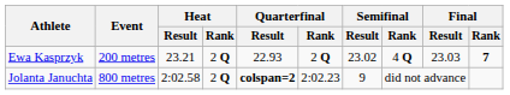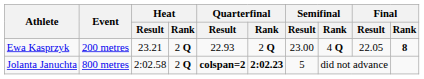 <table class="wikitable" style="font-size:90%">
 <tr>
 <th rowspan="2">Athlete</th>
 <th rowspan="2">Event</th>
 <th colspan="2">Heat</th>
 <th colspan="2">Quarterfinal</th>
 <th colspan="2">Semifinal</th>
 <th colspan="2">Final</th>
 </tr>
 <tr style="font-size:95%">
 <th>Result</th>
 <th>Rank</th>
 <th>Result</th>
 <th>Rank</th>
 <th>Result</th>
 <th>Rank</th>
 <th>Result</th>
 <th>Rank</th>
 </tr>
 <tr style=text-align:center>
 <td style=text-align:left><a href='#'>Ewa Kasprzyk</a></td>
 <td style=text-align:left><a href='#'>200 metres</a></td>
 <td>23.21</td>
 <td>2 <strong>Q</strong></td>
 <td>22.93</td>
 <td>2 <strong>Q</strong></td>
-<td>23.02</td>
+<td>23.00</td>
 <td>4 <strong>Q</strong></td>
-<td>23.03</td>
-<td><strong>7</strong></td>
+<td>22.05</td>
+<td><strong>8</strong></td>
 </tr>
 <tr style=text-align:center>
 <td style=text-align:left><a href='#'>Jolanta Januchta</a></td>
 <td style=text-align:left><a href='#'>800 metres</a></td>
 <td>2:02.58</td>
 <td>2 <strong>Q</strong></td>
 <td><strong>colspan=2 </strong></td>
-<td>2:02.23</td>
-<td>9</td>
+<td><strong>2:02.23</strong></td>
+<td>5</td>
 <td colspan=2>did not advance</td>
 </tr>
 </table>
